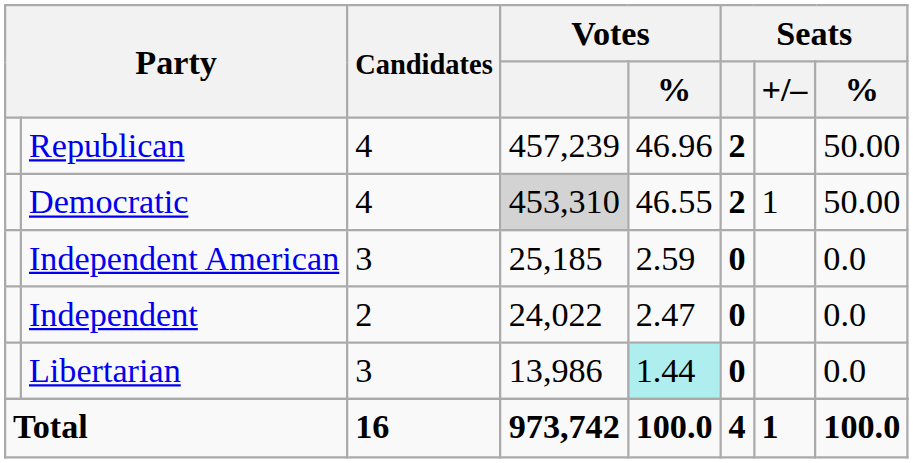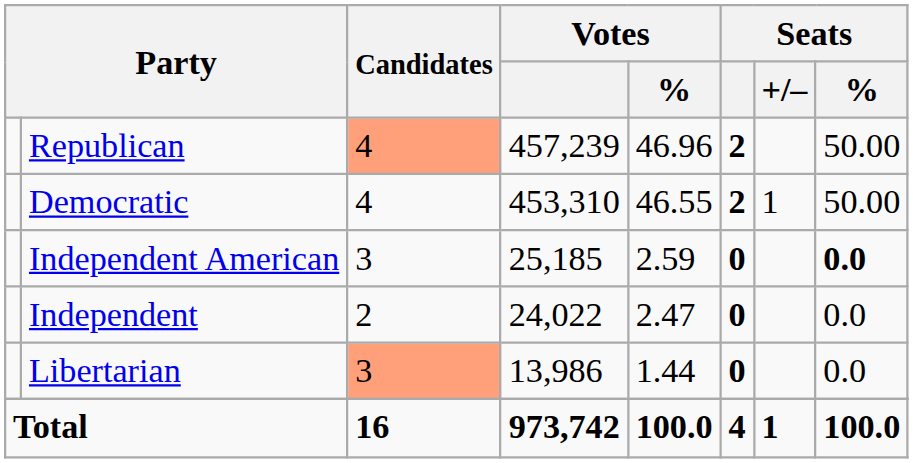 <table class="wikitable" style="font-size: 95%;">
 <tr>
 <th colspan="2" rowspan="2">Party</th>
 <th rowspan="2"><small>Candi</small><small>dates</small></th>
 <th colspan="2">Votes</th>
 <th colspan="3">Seats</th>
 </tr>
 <tr>
 <th></th>
 <th>%</th>
 <th></th>
 <th>+/–</th>
 <th>%</th>
 </tr>
 <tr>
 <td style="background:"></td>
 <td align="left"><a href='#'>Republican</a></td>
-<td>4</td>
+<td style="background: lightsalmon;">4</td>
 <td>457,239</td>
 <td>46.96</td>
 <td><strong>2</strong></td>
 <td></td>
 <td>50.00</td>
 </tr>
 <tr>
 <td style="background:"></td>
 <td align="left"><a href='#'>Democratic</a></td>
 <td>4</td>
-<td style="background: lightgrey;">453,310</td>
+<td>453,310</td>
 <td>46.55</td>
 <td><strong>2</strong></td>
 <td> 1</td>
 <td>50.00</td>
 </tr>
 <tr>
 <td style="background:"></td>
 <td align="left"><a href='#'>Independent American</a></td>
 <td>3</td>
 <td>25,185</td>
 <td>2.59</td>
 <td><strong>0</strong></td>
 <td></td>
-<td>0.0</td>
+<td><strong>0.0</strong></td>
 </tr>
 <tr>
 <td style="background:"></td>
 <td align="left"><a href='#'>Independent</a></td>
 <td>2</td>
 <td>24,022</td>
 <td>2.47</td>
 <td><strong>0</strong></td>
 <td></td>
 <td>0.0</td>
 </tr>
 <tr>
 <td style="background:"></td>
 <td align="left"><a href='#'>Libertarian</a></td>
-<td>3</td>
+<td style="background: lightsalmon;">3</td>
 <td>13,986</td>
-<td style="background: paleturquoise;">1.44</td>
+<td>1.44</td>
 <td><strong>0</strong></td>
 <td></td>
 <td>0.0</td>
 </tr>
 <tr>
 </tr>
 <tr style="font-weight:bold">
 <td colspan="2" align="left">Total</td>
 <td>16</td>
 <td>973,742</td>
 <td>100.0</td>
 <td>4</td>
 <td> 1</td>
 <td>100.0</td>
 </tr>
 </table>
